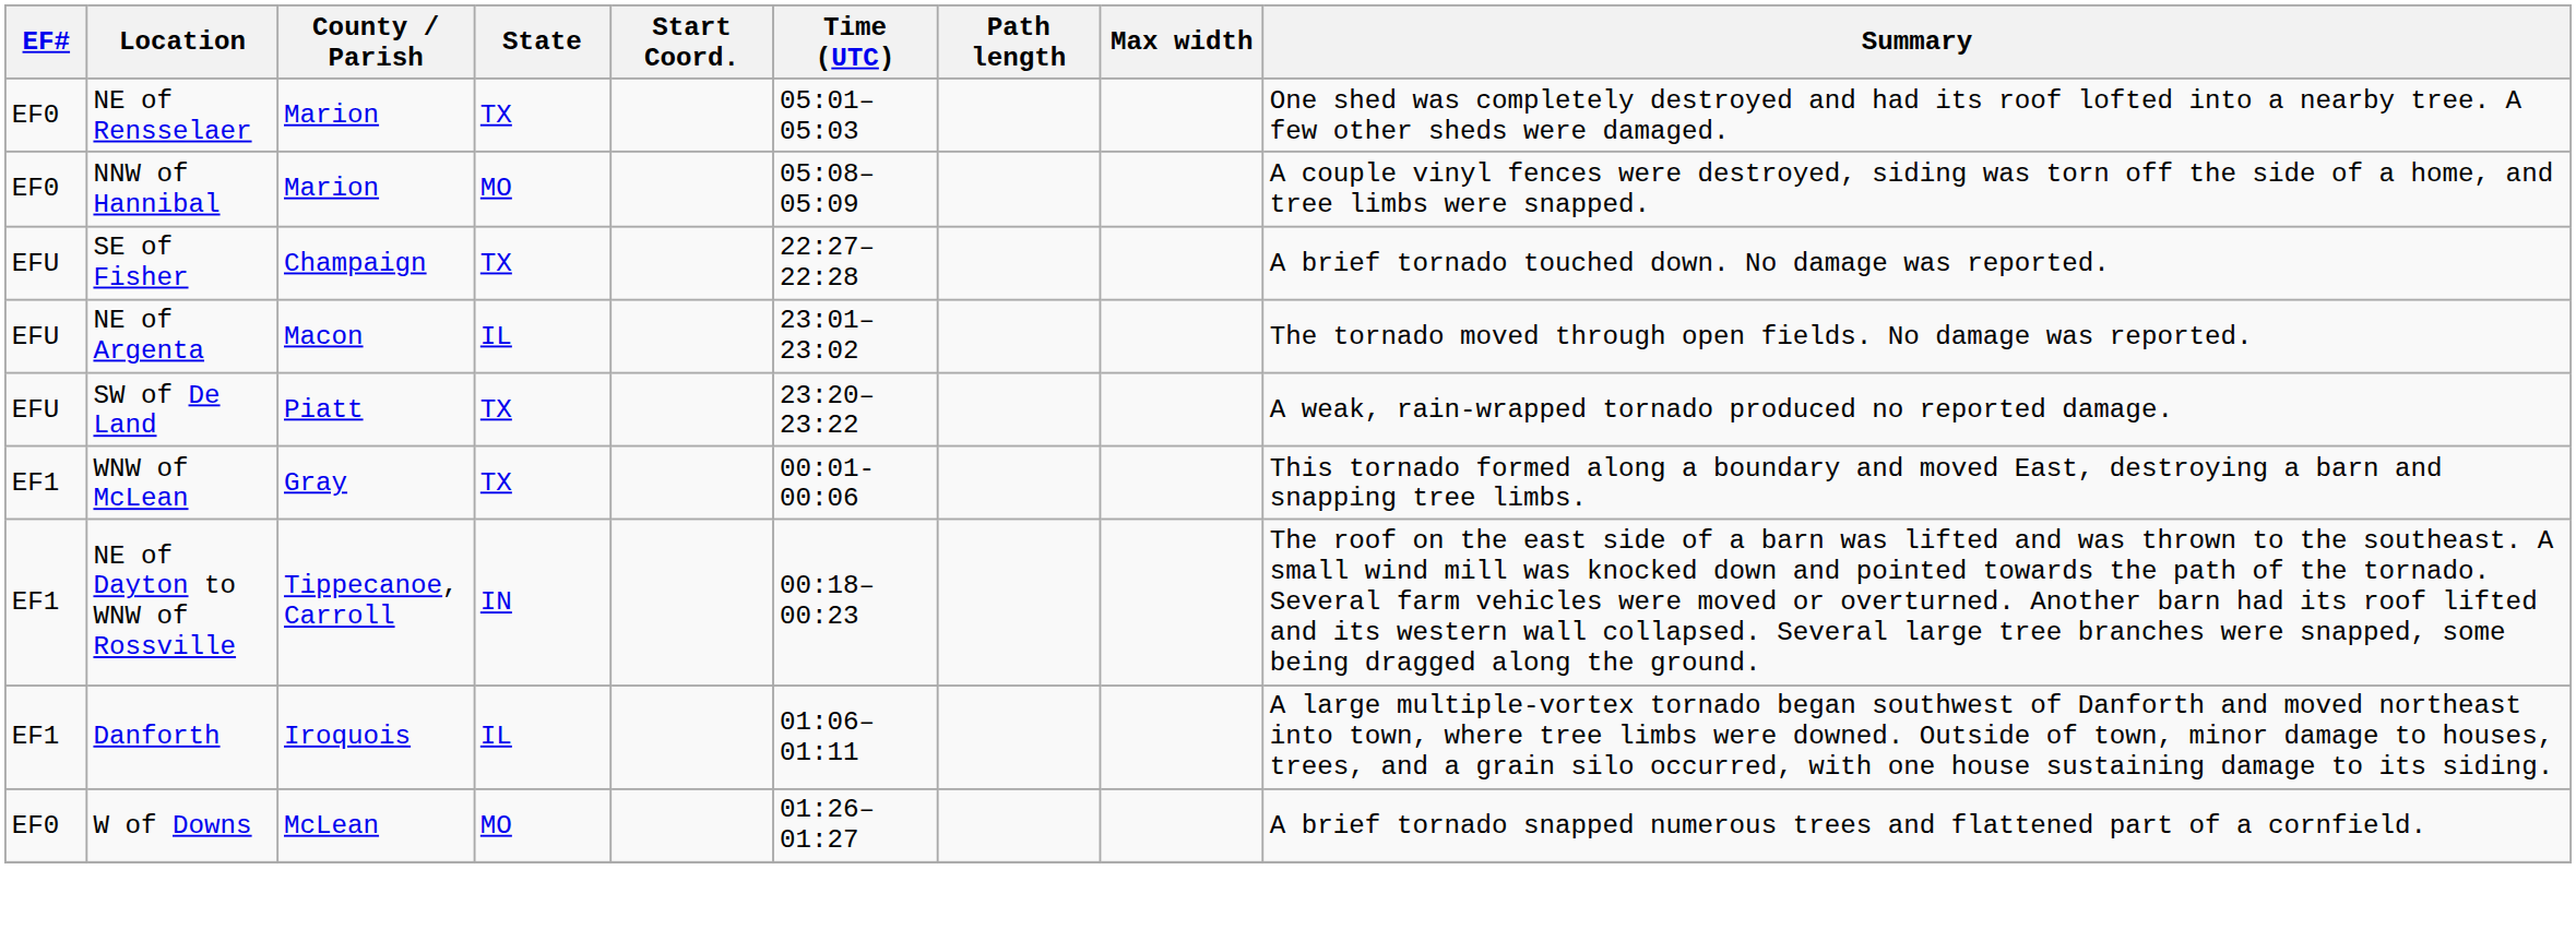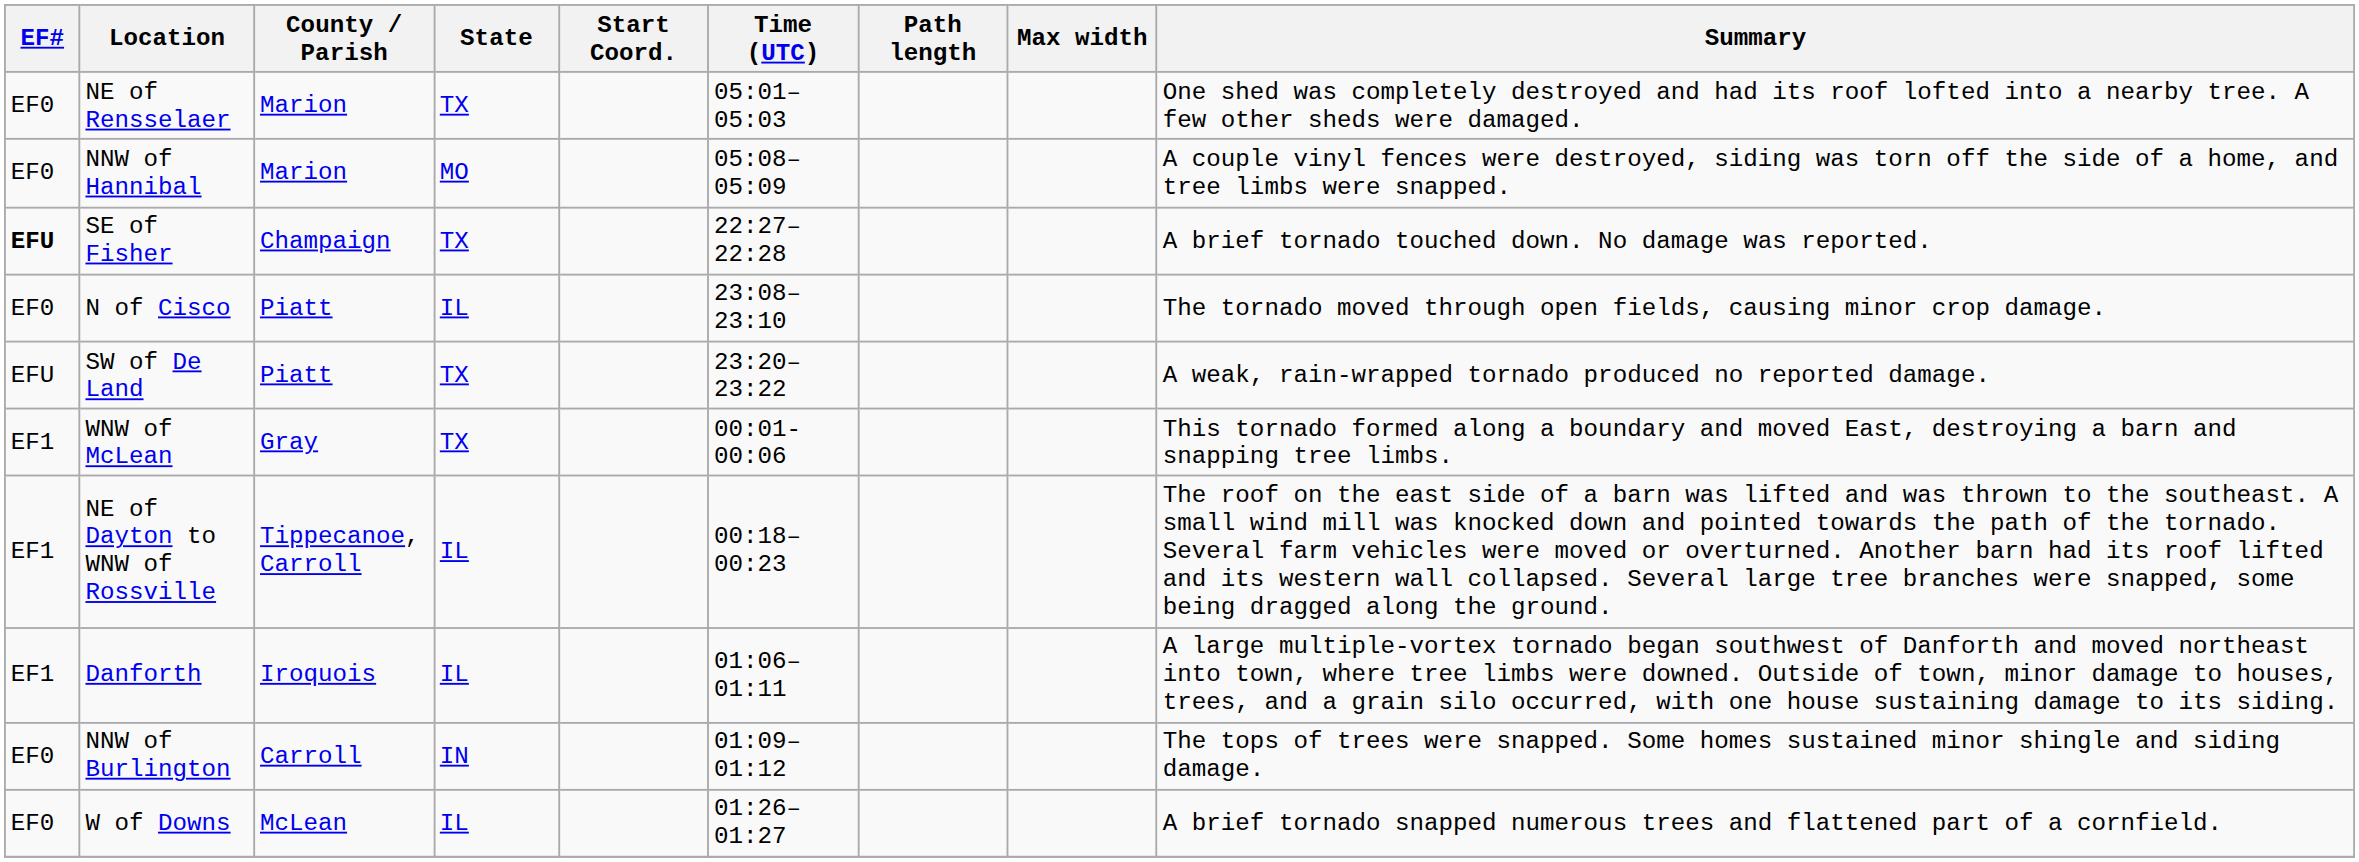 <table class="wikitable sortable" style="width:100%;">
 <tr>
 <th scope="col"  style="width:3%; text-align:center;"><a href='#'>EF#</a></th>
 <th scope="col"  style="width:7%; text-align:center;" class="unsortable">Location</th>
 <th scope="col"  style="width:6%; text-align:center;" class="unsortable">County / Parish</th>
 <th scope="col"  style="width:5%; text-align:center;">State</th>
 <th scope="col"  style="width:6%; text-align:center;">Start Coord.</th>
 <th scope="col"  style="width:6%; text-align:center;">Time (<a href='#'>UTC</a>)</th>
 <th scope="col"  style="width:6%; text-align:center;">Path length</th>
 <th scope="col"  style="width:6%; text-align:center;">Max width</th>
 <th scope="col" class="unsortable" style="width:48%; text-align:center;">Summary</th>
 </tr>
 <tr>
 <td>EF0</td>
 <td>NE of <a href='#'>Rensselaer</a></td>
 <td><a href='#'>Marion</a></td>
 <td><a href='#'>TX</a></td>
 <td></td>
 <td>05:01–05:03</td>
 <td></td>
 <td></td>
 <td>One shed was completely destroyed and had its roof lofted into a nearby tree. A few other sheds were damaged.</td>
 </tr>
 <tr>
 <td>EF0</td>
 <td>NNW of <a href='#'>Hannibal</a></td>
 <td><a href='#'>Marion</a></td>
 <td><a href='#'>MO</a></td>
 <td></td>
 <td>05:08–05:09</td>
 <td></td>
 <td></td>
 <td>A couple vinyl fences were destroyed, siding was torn off the side of a home, and tree limbs were snapped.</td>
 </tr>
 <tr>
-<td>EFU</td>
+<td><strong>EFU</strong></td>
 <td>SE of <a href='#'>Fisher</a></td>
 <td><a href='#'>Champaign</a></td>
 <td><a href='#'>TX</a></td>
 <td></td>
 <td>22:27–22:28</td>
 <td></td>
 <td></td>
 <td>A brief tornado touched down. No damage was reported.</td>
 </tr>
 <tr>
-<td>EFU</td>
-<td>NE of <a href='#'>Argenta</a></td>
-<td><a href='#'>Macon</a></td>
+<td>EF0</td>
+<td>N of <a href='#'>Cisco</a></td>
+<td><a href='#'>Piatt</a></td>
 <td><a href='#'>IL</a></td>
 <td></td>
-<td>23:01–23:02</td>
+<td>23:08–23:10</td>
 <td></td>
 <td></td>
-<td>The tornado moved through open fields. No damage was reported.</td>
+<td>The tornado moved through open fields, causing minor crop damage.</td>
 </tr>
 <tr>
 <td>EFU</td>
 <td>SW of <a href='#'>De Land</a></td>
 <td><a href='#'>Piatt</a></td>
 <td><a href='#'>TX</a></td>
 <td></td>
 <td>23:20–23:22</td>
 <td></td>
 <td></td>
 <td>A weak, rain-wrapped tornado produced no reported damage.</td>
 </tr>
 <tr>
 <td>EF1</td>
 <td>WNW of <a href='#'>McLean</a></td>
 <td><a href='#'>Gray</a></td>
 <td><a href='#'>TX</a></td>
 <td></td>
 <td>00:01-00:06</td>
 <td></td>
 <td></td>
 <td>This tornado formed along a boundary and moved East, destroying a barn and snapping tree limbs.</td>
 </tr>
 <tr>
 <td>EF1</td>
 <td>NE of <a href='#'>Dayton</a> to WNW of <a href='#'>Rossville</a></td>
 <td><a href='#'>Tippecanoe</a>, <a href='#'>Carroll</a></td>
-<td><a href='#'>IN</a></td>
+<td><a href='#'>IL</a></td>
 <td></td>
 <td>00:18–00:23</td>
 <td></td>
 <td></td>
 <td>The roof on the east side of a barn was lifted and was thrown  to the southeast. A small wind mill was knocked down and pointed towards the path of the tornado. Several farm vehicles were moved or overturned. Another barn had its roof lifted and its western wall collapsed. Several large tree branches were snapped, some being dragged along the ground.</td>
 </tr>
 <tr>
 <td>EF1</td>
 <td><a href='#'>Danforth</a></td>
 <td><a href='#'>Iroquois</a></td>
 <td><a href='#'>IL</a></td>
 <td></td>
 <td>01:06–01:11</td>
 <td></td>
 <td></td>
 <td>A large multiple-vortex tornado began southwest of Danforth and moved northeast into town, where tree limbs were downed. Outside of town, minor damage to houses, trees, and a grain silo occurred, with one house sustaining damage to its siding.</td>
 </tr>
 <tr>
 <td>EF0</td>
+<td>NNW of <a href='#'>Burlington</a></td>
+<td><a href='#'>Carroll</a></td>
+<td><a href='#'>IN</a></td>
+<td></td>
+<td>01:09–01:12</td>
+<td></td>
+<td></td>
+<td>The tops of trees were snapped. Some homes sustained minor shingle and siding damage.</td>
+</tr>
+<tr>
+<td>EF0</td>
 <td>W of <a href='#'>Downs</a></td>
 <td><a href='#'>McLean</a></td>
-<td><a href='#'>MO</a></td>
+<td><a href='#'>IL</a></td>
 <td></td>
 <td>01:26–01:27</td>
 <td></td>
 <td></td>
 <td>A brief tornado snapped numerous trees and flattened part of a cornfield.</td>
 </tr>
 <tr>
 </tr>
 </table>
